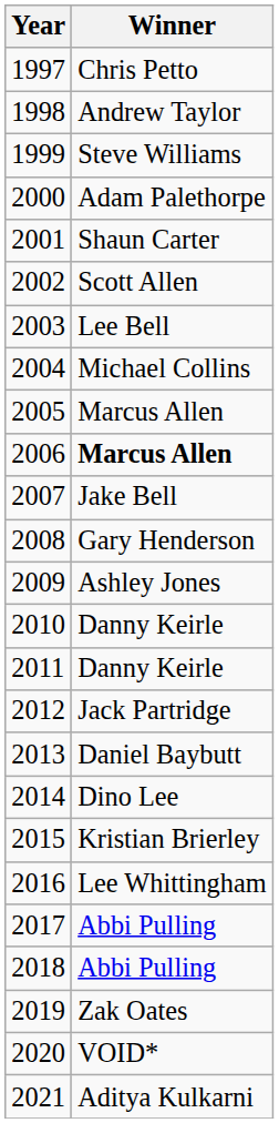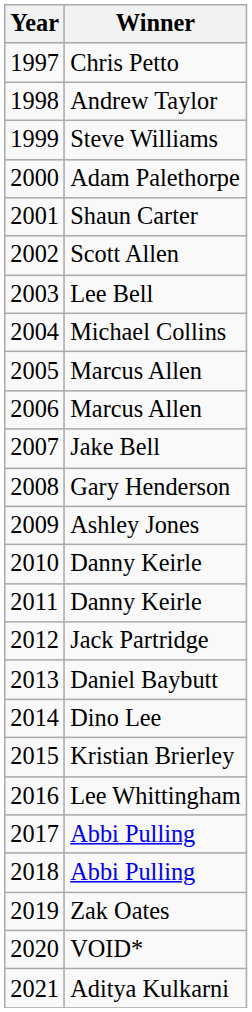 <table class="wikitable">
 <tr>
 <th>Year</th>
 <th>Winner</th>
 </tr>
 <tr>
 <td>1997</td>
 <td>Chris Petto</td>
 </tr>
 <tr>
 <td>1998</td>
 <td>Andrew Taylor</td>
 </tr>
 <tr>
 <td>1999</td>
 <td>Steve Williams</td>
 </tr>
 <tr>
 <td>2000</td>
 <td>Adam Palethorpe</td>
 </tr>
 <tr>
 <td>2001</td>
 <td>Shaun Carter</td>
 </tr>
 <tr>
 <td>2002</td>
 <td>Scott Allen</td>
 </tr>
 <tr>
 <td>2003</td>
 <td>Lee Bell</td>
 </tr>
 <tr>
 <td>2004</td>
 <td>Michael Collins</td>
 </tr>
 <tr>
 <td>2005</td>
 <td>Marcus Allen</td>
 </tr>
 <tr>
 <td>2006</td>
-<td><strong>Marcus Allen</strong></td>
+<td>Marcus Allen</td>
 </tr>
 <tr>
 <td>2007</td>
 <td>Jake Bell</td>
 </tr>
 <tr>
 <td>2008</td>
 <td>Gary Henderson</td>
 </tr>
 <tr>
 <td>2009</td>
 <td>Ashley Jones</td>
 </tr>
 <tr>
 <td>2010</td>
 <td>Danny Keirle</td>
 </tr>
 <tr>
 <td>2011</td>
 <td>Danny Keirle</td>
 </tr>
 <tr>
 <td>2012</td>
 <td>Jack Partridge</td>
 </tr>
 <tr>
 <td>2013</td>
 <td>Daniel Baybutt</td>
 </tr>
 <tr>
 <td>2014</td>
 <td>Dino Lee</td>
 </tr>
 <tr>
 <td>2015</td>
 <td>Kristian Brierley</td>
 </tr>
 <tr>
 <td>2016</td>
 <td>Lee Whittingham</td>
 </tr>
 <tr>
 <td>2017</td>
 <td><a href='#'>Abbi Pulling</a></td>
 </tr>
 <tr>
 <td>2018</td>
 <td><a href='#'>Abbi Pulling</a></td>
 </tr>
 <tr>
 <td>2019</td>
 <td>Zak Oates</td>
 </tr>
 <tr>
 <td>2020</td>
 <td>VOID*</td>
 </tr>
 <tr>
 <td>2021</td>
 <td>Aditya Kulkarni</td>
 </tr>
 </table>
